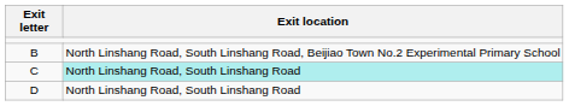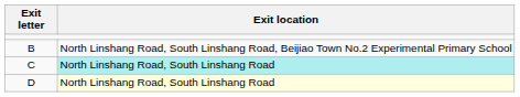 <table class="wikitable">
 <tr>
 <th colspan=2 style="width:70px">Exit letter</th>
 <th>Exit location</th>
 </tr>
 <tr style="background:#">
 <td colspan="4"></td>
 </tr>
 <tr>
 <td colspan=2 align=center>B</td>
 <td>North Linshang Road, South Linshang Road, Beijiao Town No.2 Experimental Primary School</td>
 </tr>
 <tr>
 <td colspan=2 align=center>C</td>
 <td style="background: paleturquoise;">North Linshang Road, South Linshang Road</td>
 </tr>
 <tr>
 <td colspan=2 align=center>D</td>
-<td>North Linshang Road, South Linshang Road</td>
+<td style="background: lightyellow;">North Linshang Road, South Linshang Road</td>
 </tr>
 </table>
